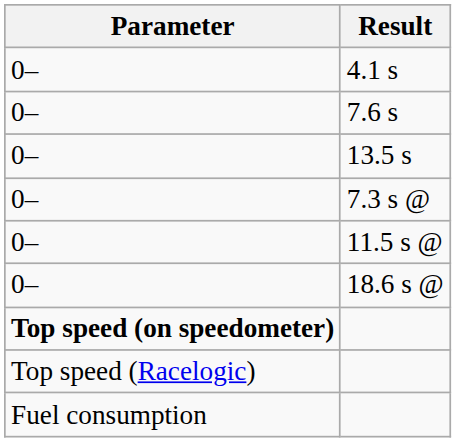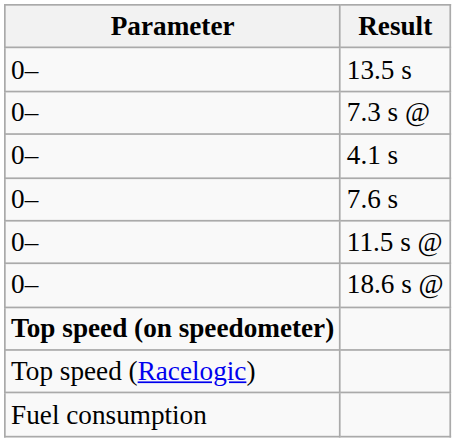 <table class="wikitable">
 <tr>
 <th>Parameter</th>
 <th>Result</th>
+</tr>
+<tr>
+<td>0–</td>
+<td>13.5 s</td>
+</tr>
+<tr>
+<td>0–</td>
+<td>7.3 s @ </td>
 </tr>
 <tr>
 <td>0–</td>
 <td>4.1 s</td>
 </tr>
 <tr>
 <td>0–</td>
 <td>7.6 s</td>
-</tr>
-<tr>
-<td>0–</td>
-<td>13.5 s</td>
-</tr>
-<tr>
-<td>0–</td>
-<td>7.3 s @ </td>
 </tr>
 <tr>
 <td>0–</td>
 <td>11.5 s @ </td>
 </tr>
 <tr>
 <td>0–</td>
 <td>18.6 s @ </td>
 </tr>
 <tr>
 <td><strong>Top speed (on speedometer)</strong></td>
 <td></td>
 </tr>
 <tr>
 <td>Top speed (<a href='#'>Racelogic</a>)</td>
 <td></td>
 </tr>
 <tr>
 <td>Fuel consumption</td>
 <td></td>
 </tr>
 </table>
